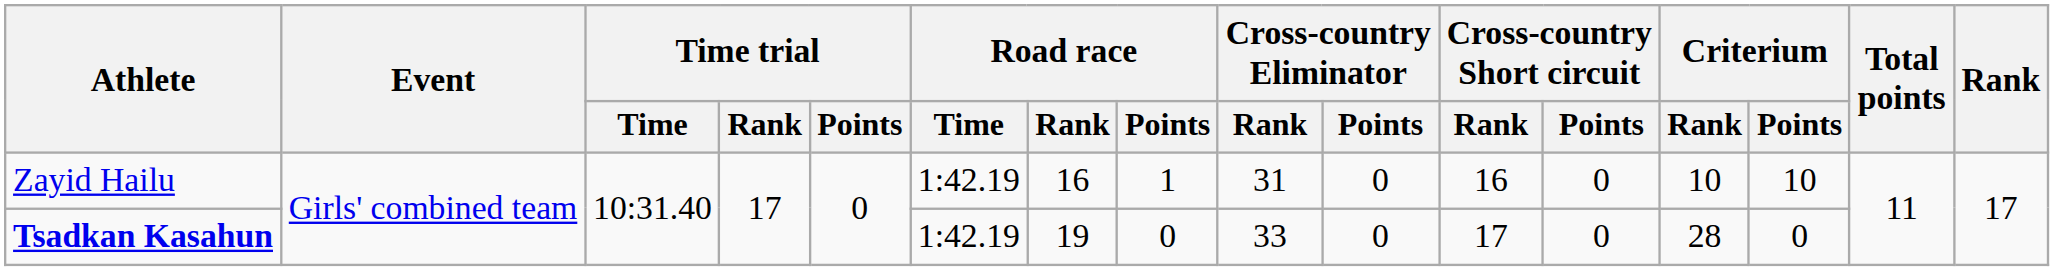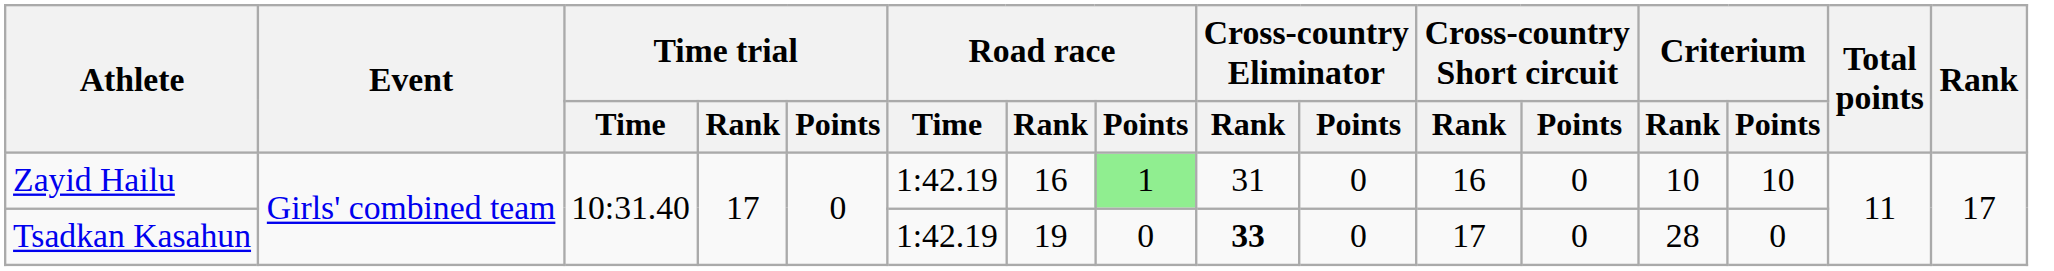 <table class="wikitable" style="font-size:90%;">
 <tr>
 <th rowspan=2>Athlete</th>
 <th rowspan=2>Event</th>
 <th colspan=3>Time trial</th>
 <th colspan=3>Road race</th>
 <th colspan=2>Cross-country<br>Eliminator</th>
 <th colspan=2>Cross-country<br>Short circuit</th>
 <th colspan=2>Criterium</th>
 <th rowspan=2>Total<br>points</th>
 <th rowspan=2>Rank</th>
 </tr>
 <tr style="font-size:95%">
 <th>Time</th>
 <th>Rank</th>
 <th>Points</th>
 <th>Time</th>
 <th>Rank</th>
 <th>Points</th>
 <th>Rank</th>
 <th>Points</th>
 <th>Rank</th>
 <th>Points</th>
 <th>Rank</th>
 <th>Points</th>
 </tr>
 <tr align=center>
 <td align=left><a href='#'>Zayid Hailu</a></td>
 <td rowspan=2 align=left><a href='#'>Girls' combined team</a></td>
 <td rowspan=2>10:31.40</td>
 <td rowspan=2>17</td>
 <td rowspan=2>0</td>
 <td>1:42.19</td>
 <td>16</td>
-<td>1</td>
+<td style="background: lightgreen;">1</td>
 <td>31</td>
 <td>0</td>
 <td>16</td>
 <td>0</td>
 <td>10</td>
 <td>10</td>
 <td rowspan=2>11</td>
 <td rowspan=2>17</td>
 </tr>
 <tr align=center>
-<td align=left><strong><a href='#'>Tsadkan Kasahun</a></strong></td>
+<td align=left><a href='#'>Tsadkan Kasahun</a></td>
 <td>1:42.19</td>
 <td>19</td>
 <td>0</td>
-<td>33</td>
+<td><strong>33</strong></td>
 <td>0</td>
 <td>17</td>
 <td>0</td>
 <td>28</td>
 <td>0</td>
 </tr>
 </table>
